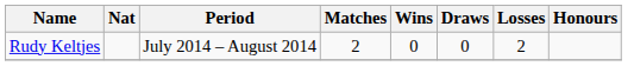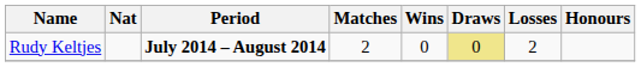 <table class="wikitable">
 <tr>
 <th>Name</th>
 <th>Nat</th>
 <th>Period</th>
 <th>Matches</th>
 <th>Wins</th>
 <th>Draws</th>
 <th>Losses</th>
 <th>Honours</th>
 </tr>
 <tr>
 <td><a href='#'>Rudy Keltjes</a></td>
 <td align="center"></td>
-<td align="center">July 2014 – August 2014</td>
+<td align="center"><strong>July 2014 – August 2014</strong></td>
 <td align="center">2</td>
 <td align="center">0</td>
-<td align="center">0</td>
+<td align="center" style="background: khaki;">0</td>
 <td align="center">2</td>
 <td></td>
 </tr>
 <tr>
 </tr>
 </table>
